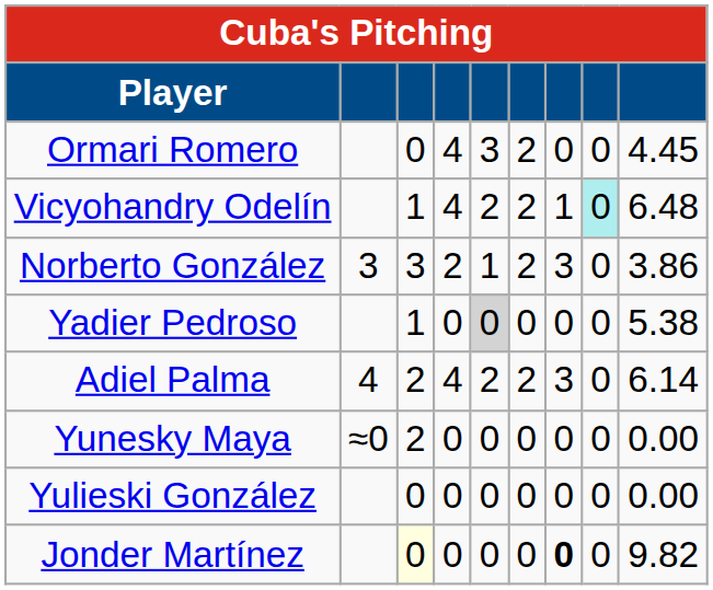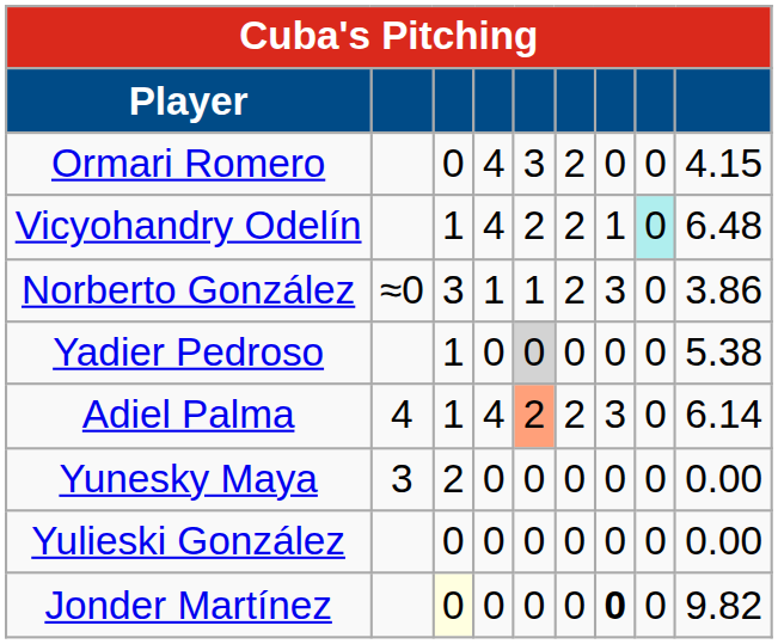 <table class="wikitable sortable" style="text-align:center;">
 <tr>
 <th colspan=10 style="background: #DA291C; color: #FFFFFF;"> Cuba's Pitching</th>
 </tr>
 <tr>
 <th style="background-color: #004B87; color: #FFFFFF;">Player</th>
 <th style="background-color: #004B87; color: #FFFFFF;"></th>
 <th style="background-color: #004B87; color: #FFFFFF;"></th>
 <th style="background-color: #004B87; color: #FFFFFF;"></th>
 <th style="background-color: #004B87; color: #FFFFFF;"></th>
 <th style="background-color: #004B87; color: #FFFFFF;"></th>
 <th style="background-color: #004B87; color: #FFFFFF;"></th>
 <th style="background-color: #004B87; color: #FFFFFF;"></th>
 <th style="background-color: #004B87; color: #FFFFFF;"></th>
 </tr>
 <tr>
 <td><a href='#'>Ormari Romero</a></td>
 <td></td>
 <td>0</td>
 <td>4</td>
 <td>3</td>
 <td>2</td>
 <td>0</td>
 <td>0</td>
-<td>4.45</td>
+<td>4.15</td>
 </tr>
 <tr>
 <td><a href='#'>Vicyohandry Odelín</a></td>
 <td></td>
 <td>1</td>
 <td>4</td>
 <td>2</td>
 <td>2</td>
 <td>1</td>
 <td style="background: paleturquoise;">0</td>
 <td>6.48</td>
 </tr>
 <tr>
 <td><a href='#'>Norberto González</a></td>
+<td>≈0</td>
 <td>3</td>
-<td>3</td>
-<td>2</td>
+<td>1</td>
 <td>1</td>
 <td>2</td>
 <td>3</td>
 <td>0</td>
 <td>3.86</td>
 </tr>
 <tr>
 <td><a href='#'>Yadier Pedroso</a></td>
 <td></td>
 <td>1</td>
 <td>0</td>
 <td style="background: lightgrey;">0</td>
 <td>0</td>
 <td>0</td>
 <td>0</td>
 <td>5.38</td>
 </tr>
 <tr>
 <td><a href='#'>Adiel Palma</a></td>
 <td>4</td>
-<td>2</td>
+<td>1</td>
 <td>4</td>
-<td>2</td>
+<td style="background: lightsalmon;">2</td>
 <td>2</td>
 <td>3</td>
 <td>0</td>
 <td>6.14</td>
 </tr>
 <tr>
 <td><a href='#'>Yunesky Maya</a></td>
-<td>≈0</td>
+<td>3</td>
 <td>2</td>
 <td>0</td>
 <td>0</td>
 <td>0</td>
 <td>0</td>
 <td>0</td>
 <td>0.00</td>
 </tr>
 <tr>
 <td><a href='#'>Yulieski González</a></td>
 <td></td>
 <td>0</td>
 <td>0</td>
 <td>0</td>
 <td>0</td>
 <td>0</td>
 <td>0</td>
 <td>0.00</td>
 </tr>
 <tr>
 <td><a href='#'>Jonder Martínez</a></td>
 <td></td>
 <td style="background: lightyellow;">0</td>
 <td>0</td>
 <td>0</td>
 <td>0</td>
 <td><strong>0</strong></td>
 <td>0</td>
 <td>9.82</td>
 </tr>
 </table>
